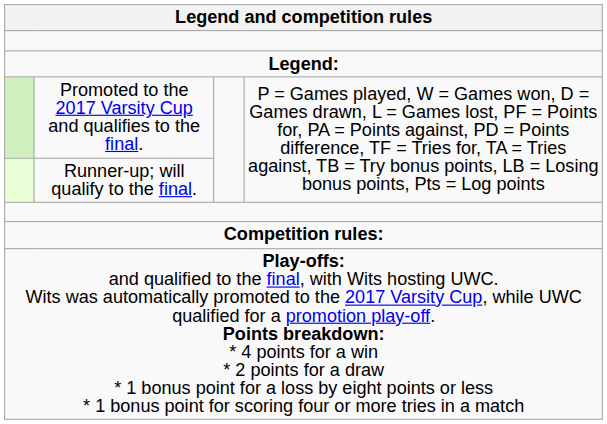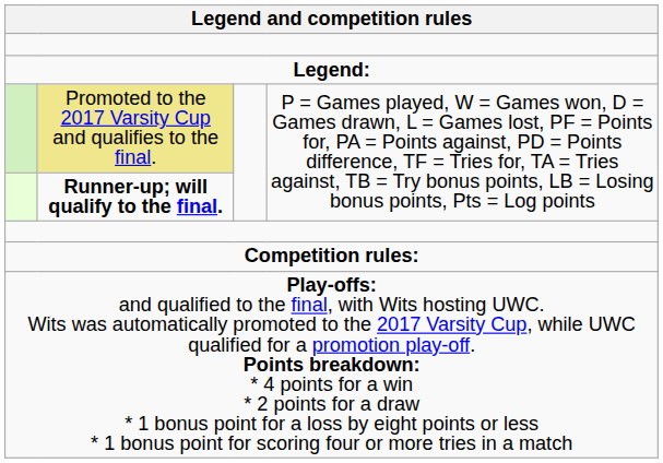 <table class="wikitable collapsible collapsed" style="text-align:center; line-height:100%; font-size:100%; width:60%;">
 <tr>
 <th colspan="100%" style="border:0px">Legend and competition rules</th>
 </tr>
 <tr>
 <td colspan="100%" style="height:10px"></td>
 </tr>
 <tr>
 <td colspan="100%" style="border:0px"><strong>Legend:</strong></td>
 </tr>
 <tr>
 <td style="height:10px; width:5%; background:#D0F0C0;"></td>
-<td style="width:30%;">Promoted to the <a href='#'>2017 Varsity Cup</a> and qualifies to the <a href='#'>final</a>.</td>
+<td style="background: khaki; width:30%;">Promoted to the <a href='#'>2017 Varsity Cup</a> and qualifies to the <a href='#'>final</a>.</td>
 <td style="width:5%;" rowspan=2></td>
 <td style="width:60%;" rowspan=2>P = Games played, W = Games won, D = Games drawn, L = Games lost, PF = Points for, PA = Points against, PD = Points difference, TF = Tries for, TA = Tries against, TB = Try bonus points, LB = Losing bonus points, Pts = Log points</td>
 </tr>
 <tr>
 <td style="background:#E8FFD8;"></td>
-<td>Runner-up; will qualify to the <a href='#'>final</a>.</td>
+<td><strong>Runner-up; will qualify to the <a href='#'>final</a>.</strong></td>
 </tr>
 <tr>
 <td colspan="100%" style="height:10px"></td>
 </tr>
 <tr>
 <td colspan="100%" style="border:0px"><strong>Competition rules:</strong></td>
 </tr>
 <tr>
 <td colspan="100%"><strong>Play-offs:</strong><br> and  qualified to the <a href='#'>final</a>, with Wits hosting UWC.<br>Wits was automatically promoted to the <a href='#'>2017 Varsity Cup</a>, while UWC qualified for a <a href='#'>promotion play-off</a>.<br><strong>Points breakdown:</strong><br>* 4 points for a win<br>* 2 points for a draw<br>* 1 bonus point for a loss by eight points or less<br>* 1 bonus point for scoring four or more tries in a match</td>
 </tr>
 </table>
